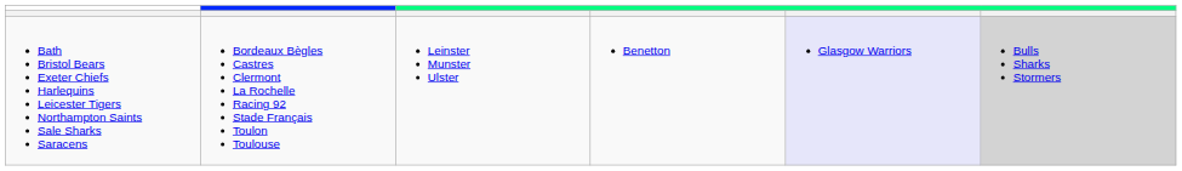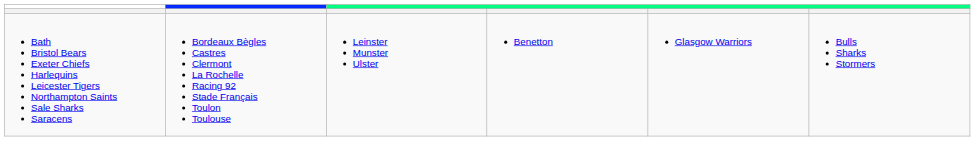 <table class="wikitable" style="width:100%;">
 <tr>
 <th style="background:#FFFFFF;color:#FF0000;text-align:center"></th>
 <th style="background:#002AFF;color:#FFFFFF;text-align:center"></th>
 <th colspan="5" style="background: #00FF80"></th>
 </tr>
 <tr>
 <th width=15%> </th>
 <th width=15%> </th>
 <th width=15%> </th>
 <th width=15%> </th>
 <th width=15%> </th>
 <th width=15%> </th>
 </tr>
 <tr style="vertical-align:top">
 <td><br><ul><li><a href='#'>Bath</a></li><li><a href='#'>Bristol Bears</a></li><li><a href='#'>Exeter Chiefs</a></li><li><a href='#'>Harlequins</a></li><li><a href='#'>Leicester Tigers</a></li><li><a href='#'>Northampton Saints</a></li><li><a href='#'>Sale Sharks</a></li><li><a href='#'>Saracens</a></li></ul></td>
 <td><br><ul><li><a href='#'>Bordeaux Bègles</a></li><li><a href='#'>Castres</a></li><li><a href='#'>Clermont</a></li><li><a href='#'>La Rochelle</a></li><li><a href='#'>Racing 92</a></li><li><a href='#'>Stade Français</a></li><li><a href='#'>Toulon</a></li><li><a href='#'>Toulouse</a></li></ul></td>
 <td><br><ul><li><a href='#'>Leinster</a></li><li><a href='#'>Munster</a></li><li><a href='#'>Ulster</a></li></ul></td>
 <td><br><ul><li><a href='#'>Benetton</a></li></ul></td>
-<td style="background: lavender;"><br><ul><li><a href='#'>Glasgow Warriors</a></li></ul></td>
-<td style="background: lightgrey;"><br><ul><li><a href='#'>Bulls</a></li><li><a href='#'>Sharks</a></li><li><a href='#'>Stormers</a></li></ul></td>
+<td><br><ul><li><a href='#'>Glasgow Warriors</a></li></ul></td>
+<td><br><ul><li><a href='#'>Bulls</a></li><li><a href='#'>Sharks</a></li><li><a href='#'>Stormers</a></li></ul></td>
 </tr>
 </table>
